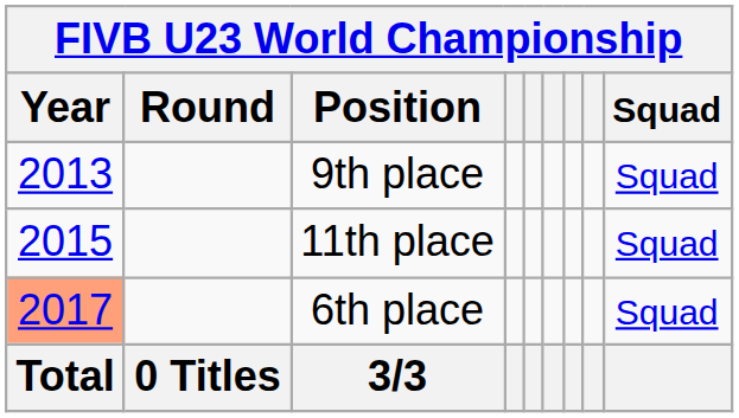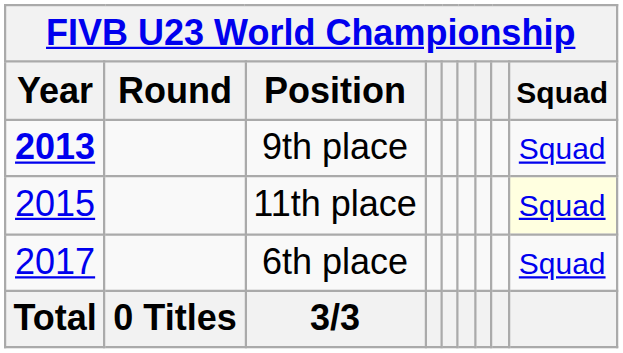 <table class="wikitable" style="text-align: center;">
 <tr>
 <th colspan=9><a href='#'>FIVB U23 World Championship</a>  </th>
 </tr>
 <tr>
 <th>Year</th>
 <th>Round</th>
 <th>Position</th>
 <th></th>
 <th></th>
 <th></th>
 <th></th>
 <th></th>
 <th><small>Squad</small></th>
 </tr>
 <tr>
-<td> <a href='#'>2013</a></td>
+<td><strong> <a href='#'>2013</a></strong></td>
 <td></td>
 <td>9th place</td>
 <td></td>
 <td></td>
 <td></td>
 <td></td>
 <td></td>
 <td><small><a href='#'>Squad</a></small></td>
 </tr>
 <tr>
 <td> <a href='#'>2015</a></td>
 <td></td>
 <td>11th place</td>
 <td></td>
 <td></td>
 <td></td>
 <td></td>
 <td></td>
-<td><small><a href='#'>Squad</a></small></td>
+<td style="background: lightyellow;"><small><a href='#'>Squad</a></small></td>
 </tr>
 <tr>
-<td style="background: lightsalmon;"> <a href='#'>2017</a></td>
+<td> <a href='#'>2017</a></td>
 <td></td>
 <td>6th place</td>
 <td></td>
 <td></td>
 <td></td>
 <td></td>
 <td></td>
 <td><small><a href='#'>Squad</a></small></td>
 </tr>
 <tr>
 <th>Total</th>
 <th>0 Titles</th>
 <th>3/3</th>
 <th></th>
 <th></th>
 <th></th>
 <th></th>
 <th></th>
 <th></th>
 </tr>
 </table>
